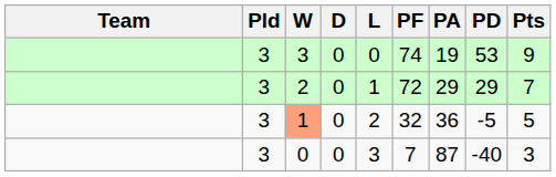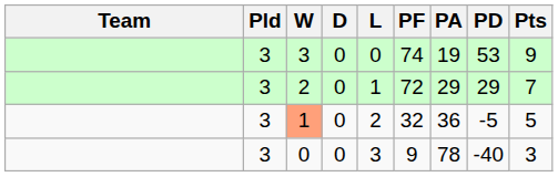 <table class="wikitable" style="text-align:center;">
 <tr>
 <th width=175>Team</th>
 <th width=20 abbr="Played">Pld</th>
 <th width=20 abbr="Won">W</th>
 <th width=20 abbr="Drawn">D</th>
 <th width=20 abbr="Lost">L</th>
 <th width=20 abbr="Points for">PF</th>
 <th width=20 abbr="Points against">PA</th>
 <th width=25 abbr="Points difference">PD</th>
 <th width=20 abbr="Points">Pts</th>
 </tr>
 <tr bgcolor=ccffcc>
 <td style="text-align:left;"></td>
 <td>3</td>
 <td>3</td>
 <td>0</td>
 <td>0</td>
 <td>74</td>
 <td>19</td>
 <td>53</td>
 <td>9</td>
 </tr>
 <tr bgcolor=ccffcc>
 <td style="text-align:left;"></td>
 <td>3</td>
 <td>2</td>
 <td>0</td>
 <td>1</td>
 <td>72</td>
 <td>29</td>
 <td>29</td>
 <td>7</td>
 </tr>
 <tr>
 <td style="text-align:left;"></td>
 <td>3</td>
 <td style="background: lightsalmon;">1</td>
 <td>0</td>
 <td>2</td>
 <td>32</td>
 <td>36</td>
 <td>-5</td>
 <td>5</td>
 </tr>
 <tr>
 <td style="text-align:left;"></td>
 <td>3</td>
 <td>0</td>
 <td>0</td>
 <td>3</td>
-<td>7</td>
-<td>87</td>
+<td>9</td>
+<td>78</td>
 <td>-40</td>
 <td>3</td>
 </tr>
 </table>
